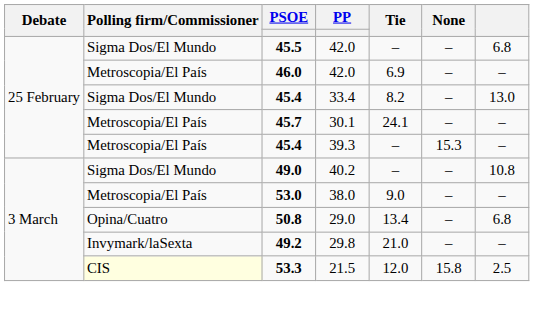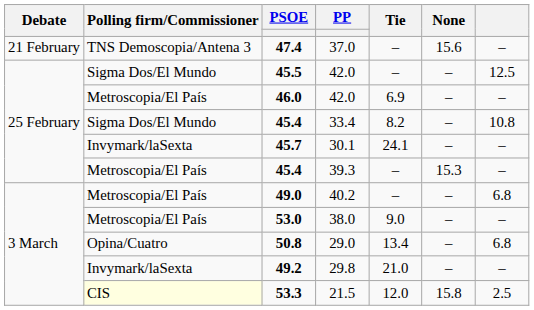 <table class="wikitable" style="font-size:90%; text-align:center;">
 <tr>
 <th rowspan="2">Debate</th>
 <th rowspan="2">Polling firm/Commissioner</th>
 <th style="width:45px;"><a href='#'>PSOE</a></th>
 <th style="width:45px;"><a href='#'>PP</a></th>
 <th style="width:45px;" rowspan="2">Tie</th>
 <th style="width:45px;" rowspan="2">None</th>
 <th style="width:45px;" rowspan="2"></th>
 </tr>
 <tr>
 <th style="color:inherit;background:"></th>
 <th style="color:inherit;background:"></th>
 </tr>
 <tr>
+<td align="left">21 February</td>
+<td align="left">TNS Demoscopia/Antena 3</td>
+<td><strong>47.4</strong></td>
+<td>37.0</td>
+<td>–</td>
+<td>15.6</td>
+<td>–</td>
+</tr>
+<tr>
 <td rowspan="5" align="left">25 February</td>
 <td align="left">Sigma Dos/El Mundo</td>
 <td><strong>45.5</strong></td>
 <td>42.0</td>
 <td>–</td>
 <td>–</td>
-<td>6.8</td>
+<td>12.5</td>
 </tr>
 <tr>
 <td align="left">Metroscopia/El País</td>
 <td><strong>46.0</strong></td>
 <td>42.0</td>
 <td>6.9</td>
 <td>–</td>
 <td>–</td>
 </tr>
 <tr>
 <td align="left">Sigma Dos/El Mundo</td>
 <td><strong>45.4</strong></td>
 <td>33.4</td>
 <td>8.2</td>
 <td>–</td>
-<td>13.0</td>
+<td>10.8</td>
 </tr>
 <tr>
-<td align="left">Metroscopia/El País</td>
+<td align="left">Invymark/laSexta</td>
 <td><strong>45.7</strong></td>
 <td>30.1</td>
 <td>24.1</td>
 <td>–</td>
 <td>–</td>
 </tr>
 <tr>
 <td align="left">Metroscopia/El País</td>
 <td><strong>45.4</strong></td>
 <td>39.3</td>
 <td>–</td>
 <td>15.3</td>
 <td>–</td>
 </tr>
 <tr>
 <td rowspan="5" align="left">3 March</td>
-<td align="left">Sigma Dos/El Mundo</td>
+<td align="left">Metroscopia/El País</td>
 <td><strong>49.0</strong></td>
 <td>40.2</td>
 <td>–</td>
 <td>–</td>
-<td>10.8</td>
+<td>6.8</td>
 </tr>
 <tr>
 <td align="left">Metroscopia/El País</td>
 <td><strong>53.0</strong></td>
 <td>38.0</td>
 <td>9.0</td>
 <td>–</td>
 <td>–</td>
 </tr>
 <tr>
 <td align="left">Opina/Cuatro</td>
 <td><strong>50.8</strong></td>
 <td>29.0</td>
 <td>13.4</td>
 <td>–</td>
 <td>6.8</td>
 </tr>
 <tr>
 <td align="left">Invymark/laSexta</td>
 <td><strong>49.2</strong></td>
 <td>29.8</td>
 <td>21.0</td>
 <td>–</td>
 <td>–</td>
 </tr>
 <tr>
 <td align="left" style="background: lightyellow;">CIS</td>
 <td><strong>53.3</strong></td>
 <td>21.5</td>
 <td>12.0</td>
 <td>15.8</td>
 <td>2.5</td>
 </tr>
 </table>
